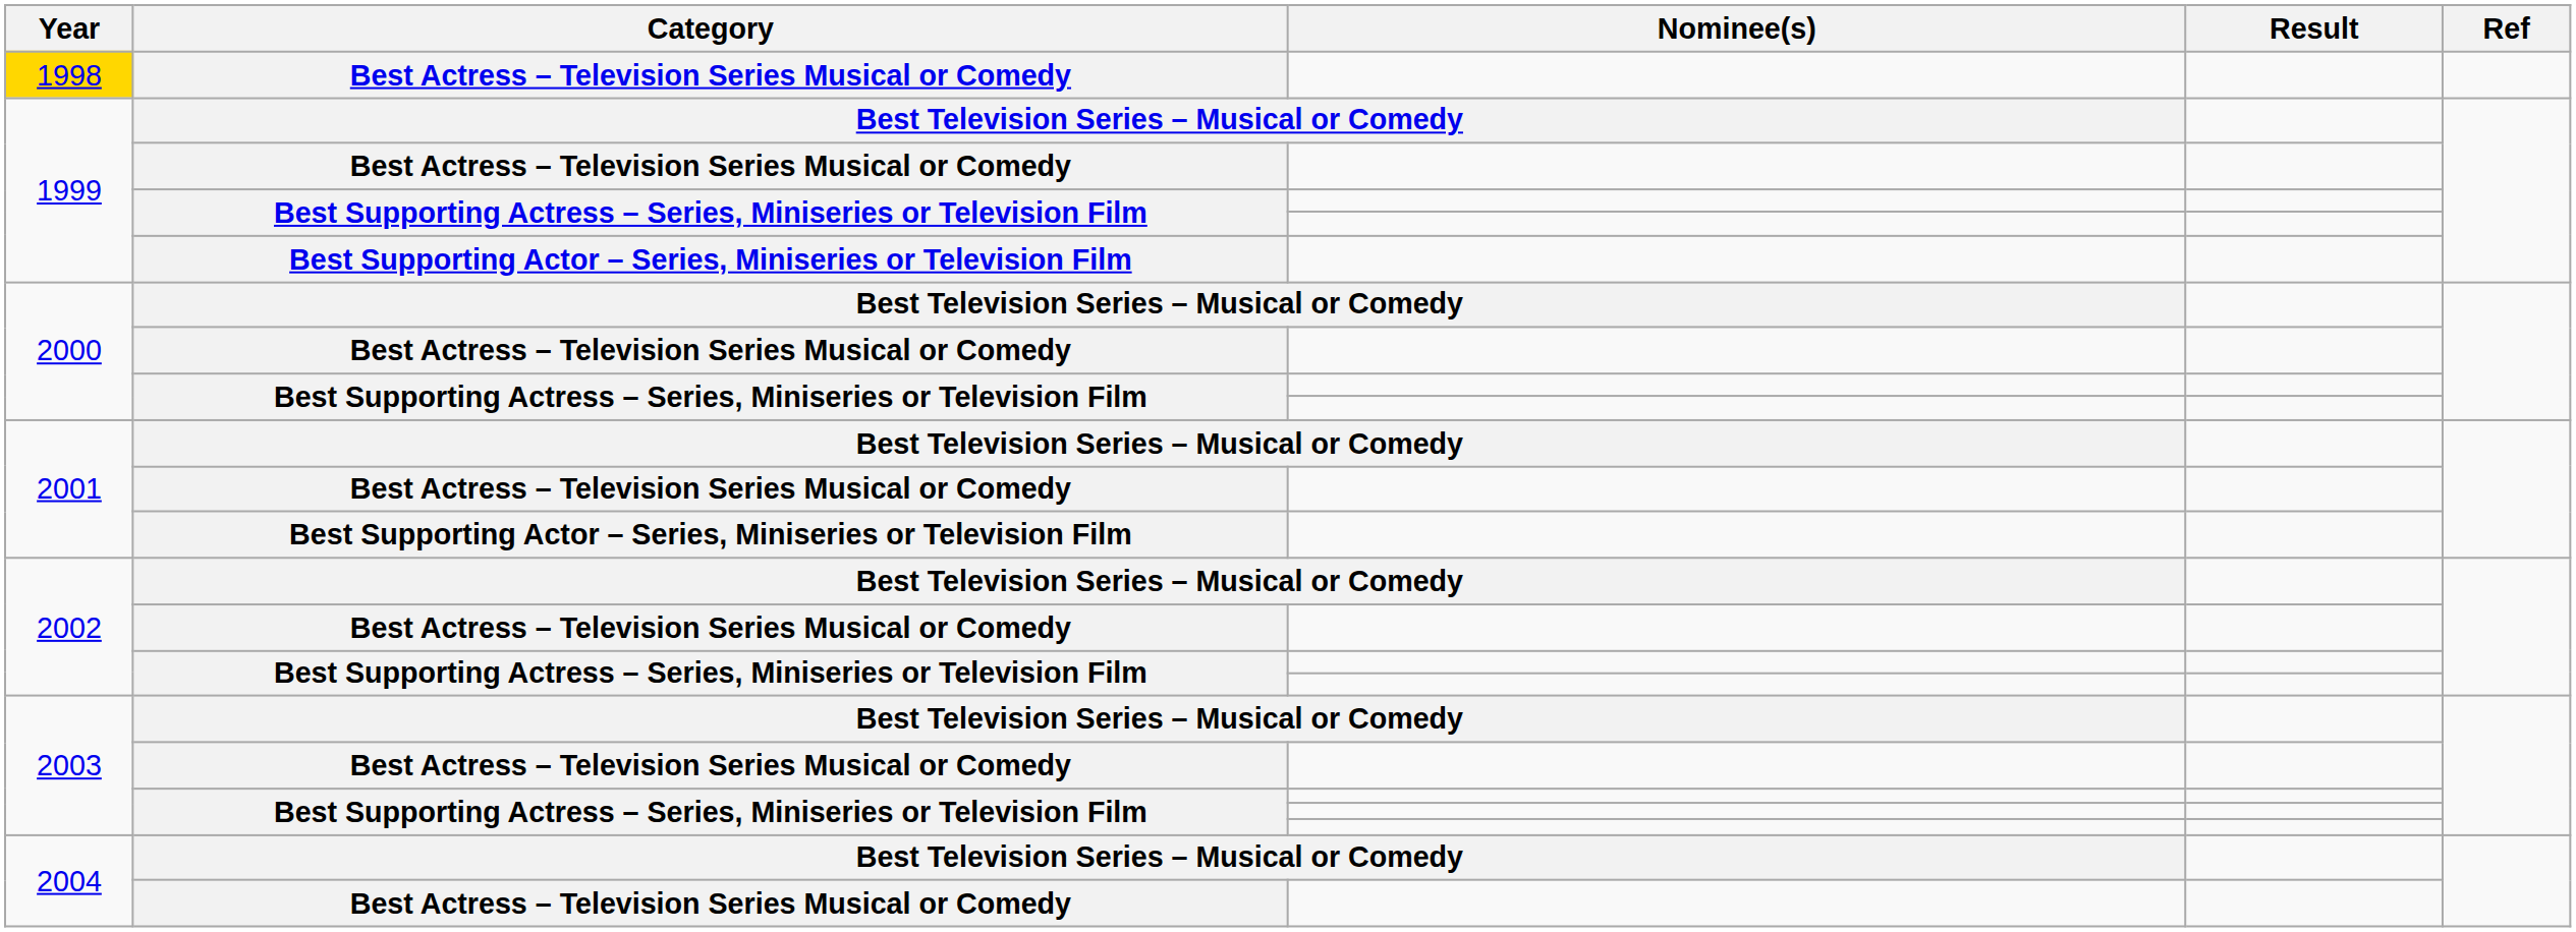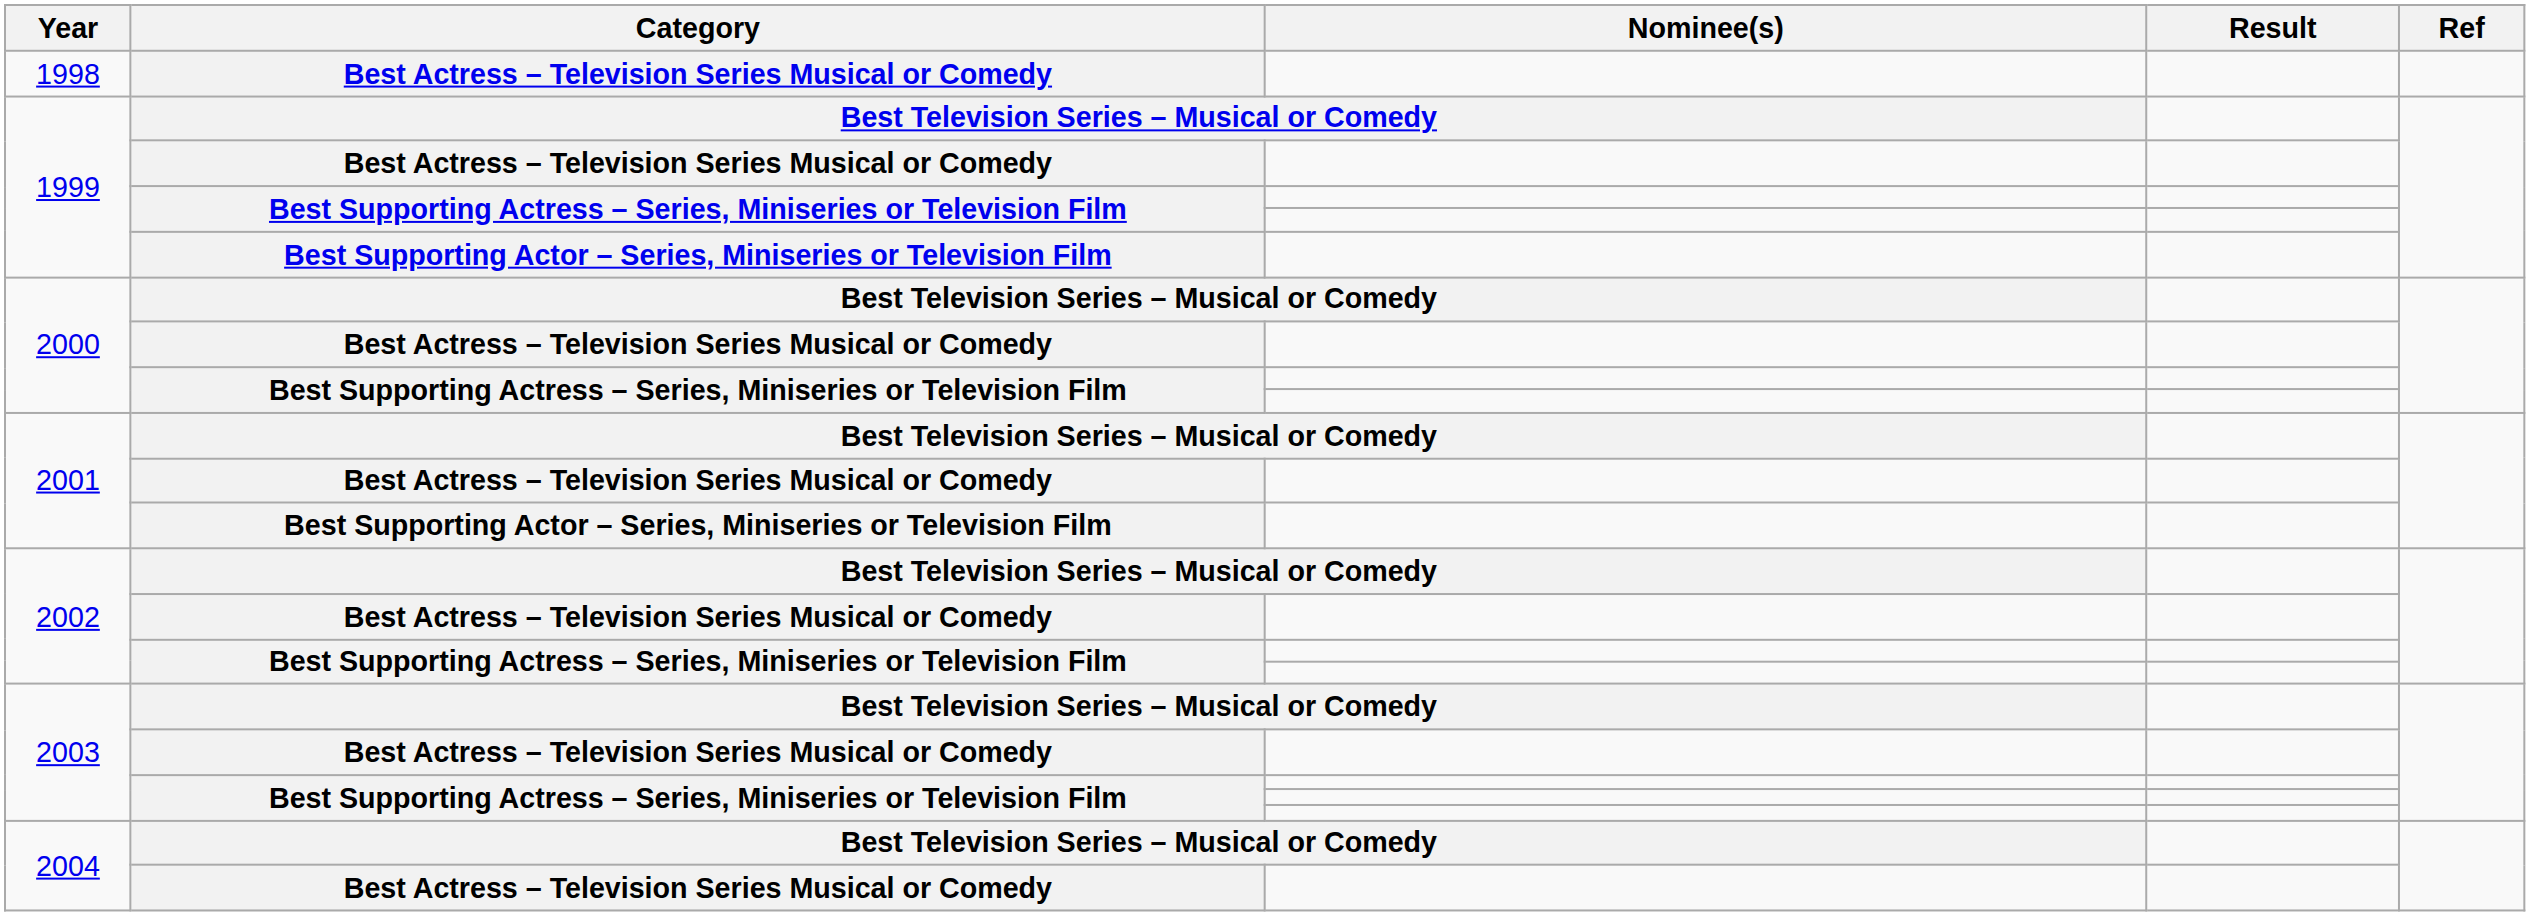 <table class="wikitable plainrowheaders" style="font-size: 90%; text-align:center" width=80%>
 <tr>
 <th scope="col" width="5%">Year</th>
 <th scope="col" width="45%">Category</th>
 <th scope="col" width="35%">Nominee(s)</th>
 <th scope="col" width="10%">Result</th>
 <th scope="col" width="5%">Ref</th>
 </tr>
 <tr>
-<td style="background: gold;"><a href='#'>1998</a></td>
+<td><a href='#'>1998</a></td>
 <th scope="row" style="text-align:center"><a href='#'>Best Actress – Television Series Musical or Comedy</a></th>
 <td></td>
 <td></td>
 <td align=center></td>
 </tr>
 <tr>
 <td rowspan="5"><a href='#'>1999</a></td>
 <th scope="row" style="text-align:center" colspan="2"><a href='#'>Best Television Series – Musical or Comedy</a></th>
 <td></td>
 <td rowspan="5"></td>
 </tr>
 <tr>
 <th scope="row" style="text-align:center">Best Actress – Television Series Musical or Comedy</th>
 <td></td>
 <td></td>
 </tr>
 <tr>
 <th scope="row" style="text-align:center" rowspan="2"><a href='#'>Best Supporting Actress – Series, Miniseries or Television Film</a></th>
 <td></td>
 <td></td>
 </tr>
 <tr>
 <td></td>
 <td></td>
 </tr>
 <tr>
 <th scope="row" style="text-align:center"><a href='#'>Best Supporting Actor – Series, Miniseries or Television Film</a></th>
 <td></td>
 <td></td>
 </tr>
 <tr>
 <td rowspan="4"><a href='#'>2000</a></td>
 <th scope="row" style="text-align:center" colspan="2">Best Television Series – Musical or Comedy</th>
 <td></td>
 <td rowspan="4"></td>
 </tr>
 <tr>
 <th scope="row" style="text-align:center">Best Actress – Television Series Musical or Comedy</th>
 <td></td>
 <td></td>
 </tr>
 <tr>
 <th scope="row" style="text-align:center" rowspan="2">Best Supporting Actress – Series, Miniseries or Television Film</th>
 <td></td>
 <td></td>
 </tr>
 <tr>
 <td></td>
 <td></td>
 </tr>
 <tr>
 <td rowspan="3"><a href='#'>2001</a></td>
 <th scope="row" style="text-align:center" colspan="2">Best Television Series – Musical or Comedy</th>
 <td></td>
 <td rowspan="3"></td>
 </tr>
 <tr>
 <th scope="row" style="text-align:center">Best Actress – Television Series Musical or Comedy</th>
 <td></td>
 <td></td>
 </tr>
 <tr>
 <th scope="row" style="text-align:center">Best Supporting Actor – Series, Miniseries or Television Film</th>
 <td></td>
 <td></td>
 </tr>
 <tr>
 <td rowspan="4"><a href='#'>2002</a></td>
 <th scope="row" style="text-align:center" colspan="2">Best Television Series – Musical or Comedy</th>
 <td></td>
 <td rowspan="4"></td>
 </tr>
 <tr>
 <th scope="row" style="text-align:center">Best Actress – Television Series Musical or Comedy</th>
 <td></td>
 <td></td>
 </tr>
 <tr>
 <th scope="row" style="text-align:center" rowspan="2">Best Supporting Actress – Series, Miniseries or Television Film</th>
 <td></td>
 <td></td>
 </tr>
 <tr>
 <td></td>
 <td></td>
 </tr>
 <tr>
 <td rowspan="5"><a href='#'>2003</a></td>
 <th scope="row" style="text-align:center" colspan="2">Best Television Series – Musical or Comedy</th>
 <td></td>
 <td rowspan="5"></td>
 </tr>
 <tr>
 <th scope="row" style="text-align:center">Best Actress – Television Series Musical or Comedy</th>
 <td></td>
 <td></td>
 </tr>
 <tr>
 <th scope="row" style="text-align:center" rowspan="3">Best Supporting Actress – Series, Miniseries or Television Film</th>
 <td></td>
 <td></td>
 </tr>
 <tr>
 <td></td>
 <td></td>
 </tr>
 <tr>
 <td></td>
 <td></td>
 </tr>
 <tr>
 <td rowspan="2"><a href='#'>2004</a></td>
 <th scope="row" style="text-align:center" colspan="2">Best Television Series – Musical or Comedy</th>
 <td></td>
 <td rowspan="2"></td>
 </tr>
 <tr>
 <th scope="row" style="text-align:center">Best Actress – Television Series Musical or Comedy</th>
 <td></td>
 <td></td>
 </tr>
 </table>
